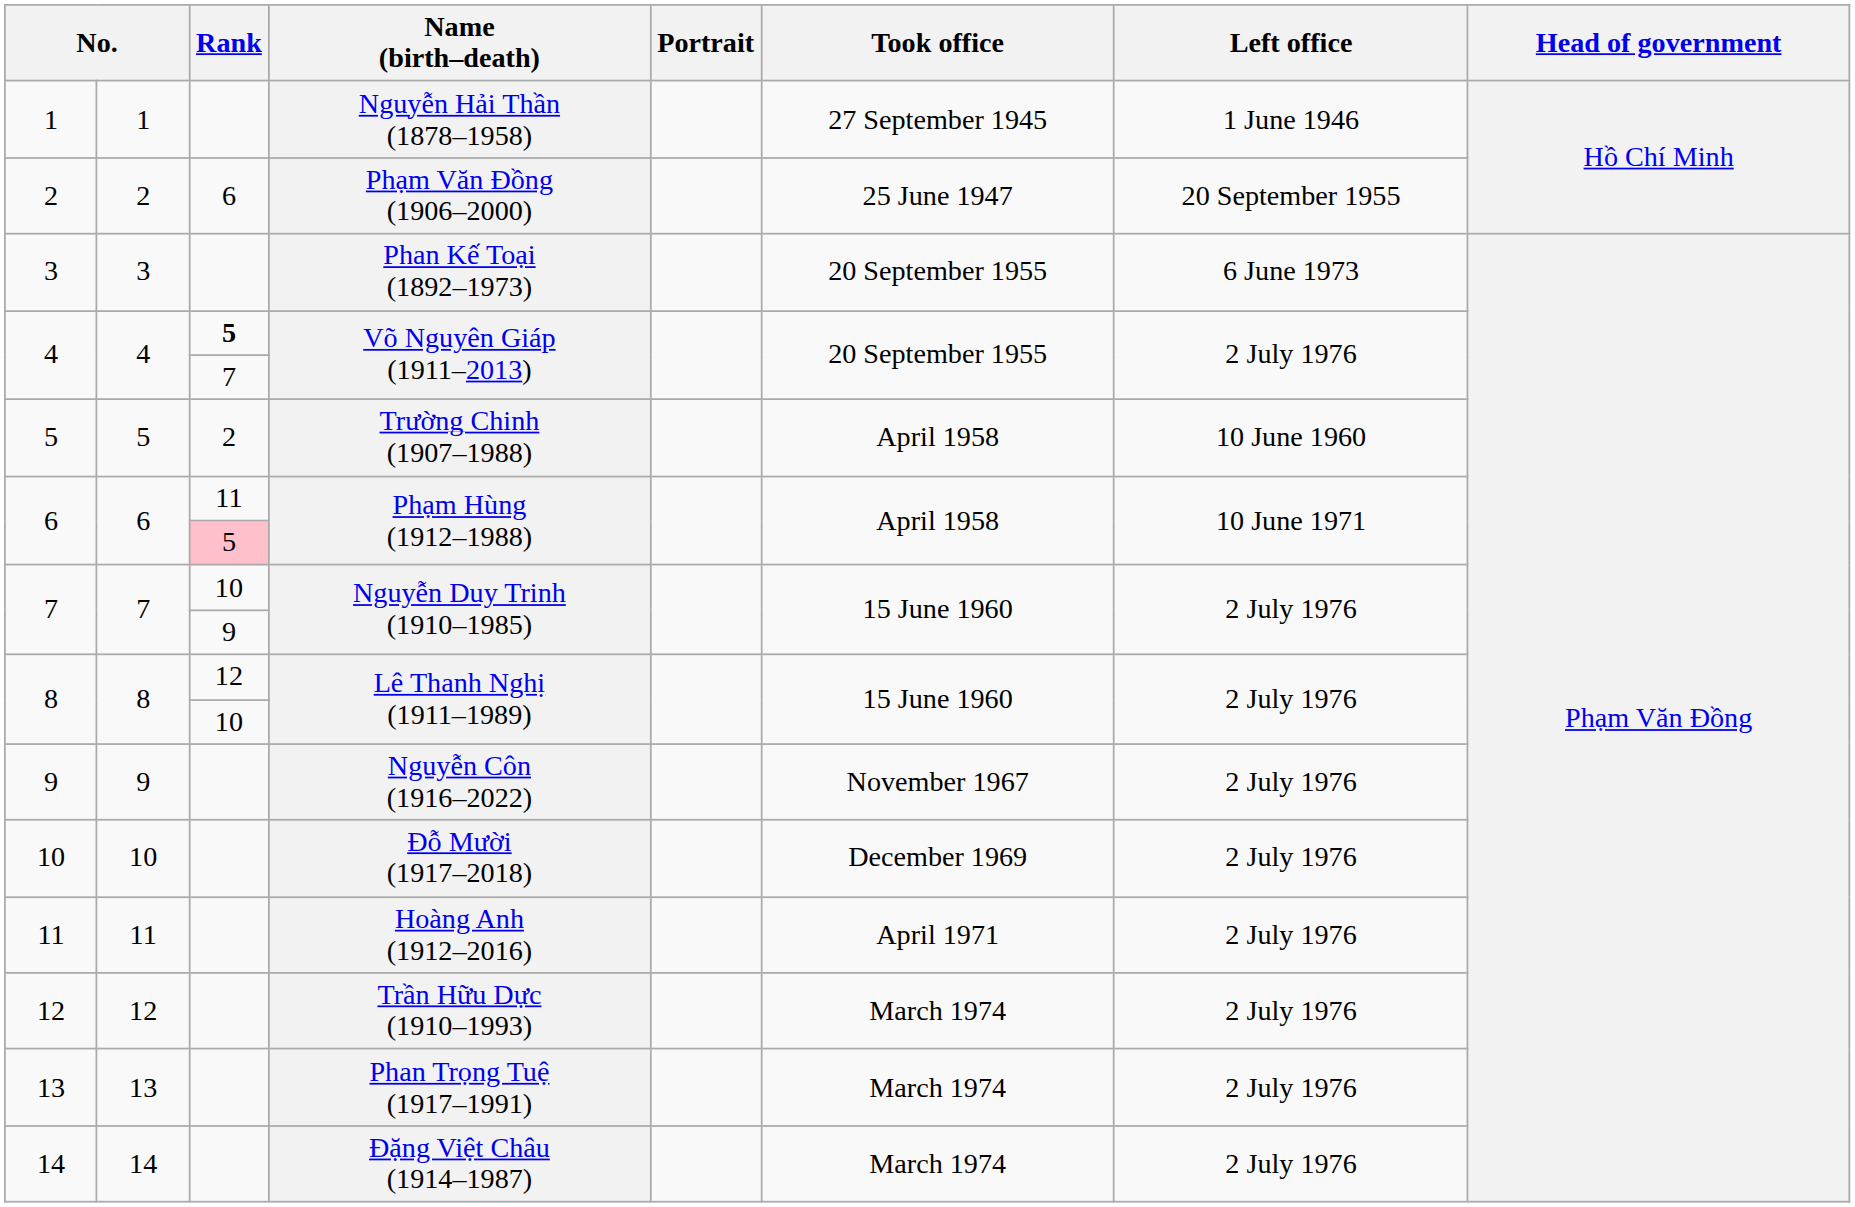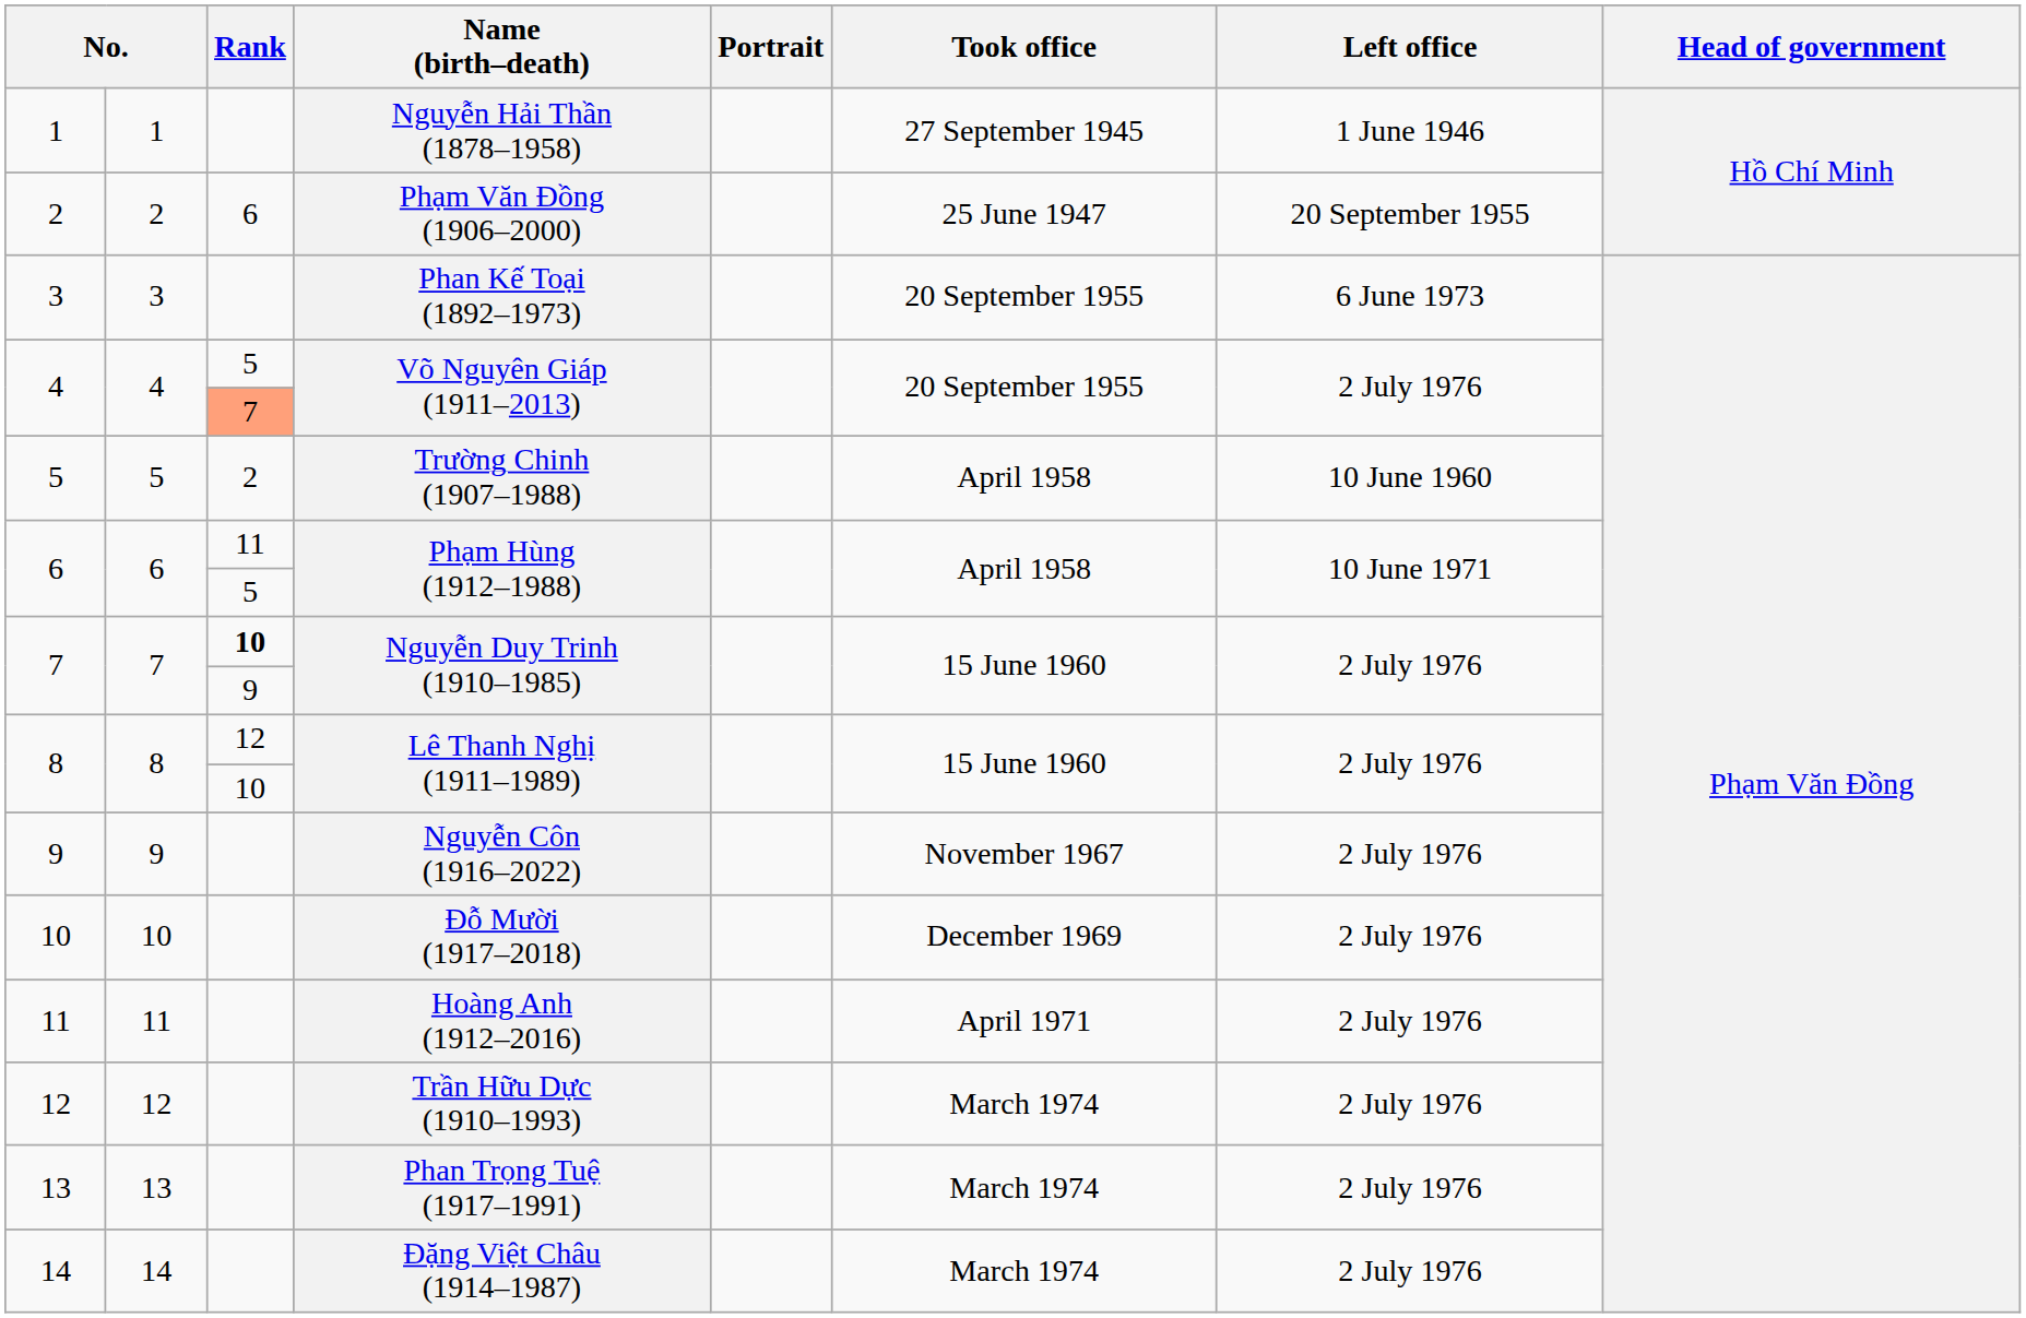 <table class="wikitable" width=83%>
 <tr>
 <th colspan="2" scope="col" style="width:10%;">No.<br></th>
 <th scope="col" style="width:1em;"><a href='#'>Rank</a><br></th>
 <th scope="col" style="width:13em;">Name<br>(birth–death)</th>
 <th scope="col" style="width:1em;">Portrait</th>
 <th scope="col" style="width:12em;">Took office</th>
 <th scope="col" style="width:12em;">Left office</th>
 <th scope="col" style="width:13em;"><a href='#'>Head of government</a></th>
 </tr>
 <tr>
 <td align="center">1</td>
 <td align="center">1</td>
 <td align="center"></td>
 <th align="center" scope="row" style="font-weight:normal;"><a href='#'>Nguyễn Hải Thần</a><br>(1878–1958)</th>
 <td align="center"></td>
 <td align="center">27 September 1945</td>
 <td align="center">1 June 1946</td>
 <th rowspan="2" align="center" scope="row" style="font-weight:normal;"><a href='#'>Hồ Chí Minh</a></th>
 </tr>
 <tr>
 <td align="center">2</td>
 <td align="center">2</td>
 <td align="center">6</td>
 <th align="center" scope="row" style="font-weight:normal;"><a href='#'>Phạm Văn Đồng</a><br>(1906–2000)</th>
 <td align="center"></td>
 <td align="center">25 June 1947</td>
 <td align="center">20 September 1955</td>
 </tr>
 <tr>
 <td align="center">3</td>
 <td align="center">3</td>
 <td align="center"></td>
 <th align="center" scope="row" style="font-weight:normal;"><a href='#'>Phan Kế Toại</a><br>(1892–1973)</th>
 <td align="center"></td>
 <td align="center">20 September 1955</td>
 <td align="center">6 June 1973</td>
 <th rowspan="16" align="center" scope="row" style="font-weight:normal;"><a href='#'>Phạm Văn Đồng</a></th>
 </tr>
 <tr>
 <td rowspan="2" align="center">4</td>
 <td rowspan="2" align="center">4</td>
-<td align="center"><strong>5</strong></td>
+<td align="center">5</td>
 <th rowspan="2" align="center" scope="row" style="font-weight:normal;"><a href='#'>Võ Nguyên Giáp</a><br>(1911–<a href='#'>2013</a>)</th>
 <td rowspan="2" align="center"></td>
 <td rowspan="2" align="center">20 September 1955</td>
 <td rowspan="2" align="center">2 July 1976</td>
 </tr>
 <tr>
-<td align="center">7</td>
+<td align="center" style="background: lightsalmon;">7</td>
 </tr>
 <tr>
 <td align="center">5</td>
 <td align="center">5</td>
 <td align="center">2</td>
 <th align="center" scope="row" style="font-weight:normal;"><a href='#'>Trường Chinh</a><br>(1907–1988)</th>
 <td align="center"></td>
 <td align="center">April 1958</td>
 <td align="center">10 June 1960</td>
 </tr>
 <tr>
 <td rowspan="2" align="center">6</td>
 <td rowspan="2" align="center">6</td>
 <td align="center">11</td>
 <th rowspan="2" align="center" scope="row" style="font-weight:normal;"><a href='#'>Phạm Hùng</a><br>(1912–1988)</th>
 <td rowspan="2" align="center"></td>
 <td rowspan="2" align="center">April 1958</td>
 <td rowspan="2" align="center">10 June 1971</td>
 </tr>
 <tr>
-<td align="center" style="background: pink;">5</td>
+<td align="center">5</td>
 </tr>
 <tr>
 <td rowspan="2" align="center">7</td>
 <td rowspan="2" align="center">7</td>
-<td align="center">10</td>
+<td align="center"><strong>10</strong></td>
 <th rowspan="2" align="center" scope="row" style="font-weight:normal;"><a href='#'>Nguyễn Duy Trinh</a><br>(1910–1985)</th>
 <td rowspan="2" align="center"></td>
 <td rowspan="2" align="center">15 June 1960</td>
 <td rowspan="2" align="center">2 July 1976</td>
 </tr>
 <tr>
 <td align="center">9</td>
 </tr>
 <tr>
 <td rowspan="2" align="center">8</td>
 <td rowspan="2" align="center">8</td>
 <td align="center">12</td>
 <th rowspan="2" align="center" scope="row" style="font-weight:normal;"><a href='#'>Lê Thanh Nghị</a><br>(1911–1989)</th>
 <td rowspan="2" align="center"></td>
 <td rowspan="2" align="center">15 June 1960</td>
 <td rowspan="2" align="center">2 July 1976</td>
 </tr>
 <tr>
 <td align="center">10</td>
 </tr>
 <tr>
 <td align="center">9</td>
 <td align="center">9</td>
 <td align="center"></td>
 <th align="center" scope="row" style="font-weight:normal;"><a href='#'>Nguyễn Côn</a><br>(1916–2022)</th>
 <td align="center"></td>
 <td align="center">November 1967</td>
 <td align="center">2 July 1976</td>
 </tr>
 <tr>
 <td align="center">10</td>
 <td align="center">10</td>
 <td align="center"></td>
 <th align="center" scope="row" style="font-weight:normal;"><a href='#'>Đỗ Mười</a><br>(1917–2018)</th>
 <td align="center"></td>
 <td align="center">December 1969</td>
 <td align="center">2 July 1976</td>
 </tr>
 <tr>
 <td align="center">11</td>
 <td align="center">11</td>
 <td align="center"></td>
 <th align="center" scope="row" style="font-weight:normal;"><a href='#'>Hoàng Anh</a><br>(1912–2016)</th>
 <td align="center"></td>
 <td align="center">April 1971</td>
 <td align="center">2 July 1976</td>
 </tr>
 <tr>
 <td align="center">12</td>
 <td align="center">12</td>
 <td align="center"></td>
 <th align="center" scope="row" style="font-weight:normal;"><a href='#'>Trần Hữu Dực</a><br>(1910–1993)</th>
 <td align="center"></td>
 <td align="center">March 1974</td>
 <td align="center">2 July 1976</td>
 </tr>
 <tr>
 <td align="center">13</td>
 <td align="center">13</td>
 <td align="center"></td>
 <th align="center" scope="row" style="font-weight:normal;"><a href='#'>Phan Trọng Tuệ</a><br>(1917–1991)</th>
 <td align="center"></td>
 <td align="center">March 1974</td>
 <td align="center">2 July 1976</td>
 </tr>
 <tr>
 <td align="center">14</td>
 <td align="center">14</td>
 <td align="center"></td>
 <th align="center" scope="row" style="font-weight:normal;"><a href='#'>Đặng Việt Châu</a><br>(1914–1987)</th>
 <td align="center"></td>
 <td align="center">March 1974</td>
 <td align="center">2 July 1976</td>
 </tr>
 </table>
